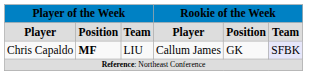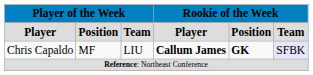 <table class="wikitable">
 <tr>
 <th colspan="3" style="background:#0081C4;"><span>Player of the Week</span></th>
 <th colspan="3" style="background:#0081C4;"><span>Rookie of the Week</span></th>
 </tr>
 <tr>
 <th style="background:#ddd;">Player</th>
 <th style="background:#ddd;">Position</th>
 <th style="background:#ddd;">Team</th>
 <th style="background:#ddd;">Player</th>
 <th style="background:#ddd;">Position</th>
 <th style="background:#ddd;">Team</th>
 </tr>
 <tr>
 <td>Chris Capaldo</td>
-<td><strong>MF</strong></td>
+<td>MF</td>
 <td !>LIU</td>
-<td>Callum James</td>
-<td>GK</td>
+<td><strong>Callum James</strong></td>
+<td><strong>GK</strong></td>
 <td ! style="background: lavender;">SFBK</td>
 </tr>
 <tr>
 <td colspan="6"  style="font-size:8pt; text-align:center; background:#ddd;"><strong>Reference</strong>: Northeast Conference</td>
 </tr>
 </table>
